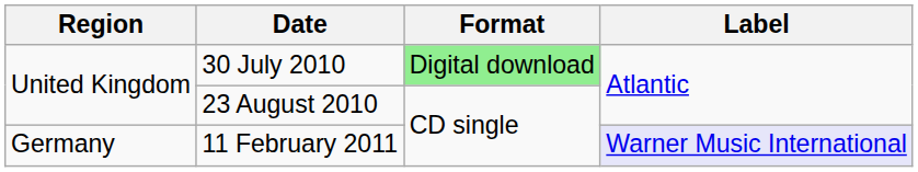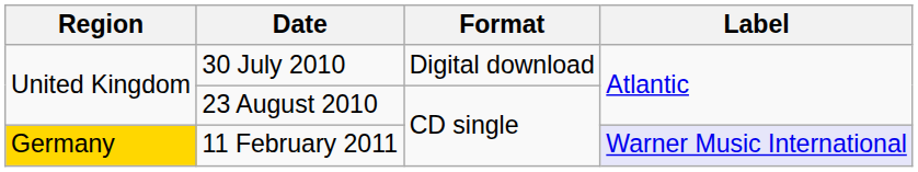 <table class=wikitable>
 <tr>
 <th>Region</th>
 <th>Date</th>
 <th>Format</th>
 <th>Label</th>
 </tr>
 <tr>
 <td rowspan="2">United Kingdom</td>
 <td>30 July 2010</td>
-<td style="background: lightgreen;">Digital download</td>
+<td>Digital download</td>
 <td rowspan="2"><a href='#'>Atlantic</a></td>
 </tr>
 <tr>
 <td>23 August 2010</td>
 <td rowspan="2">CD single</td>
 </tr>
 <tr>
-<td>Germany</td>
+<td style="background: gold;">Germany</td>
 <td>11 February 2011 </td>
 <td style="background: lavender;"><a href='#'>Warner Music International</a></td>
 </tr>
 </table>
